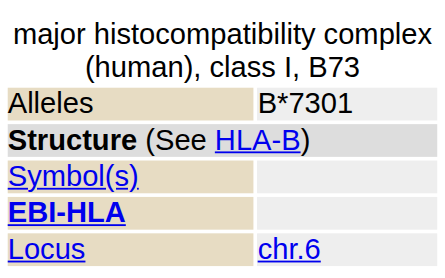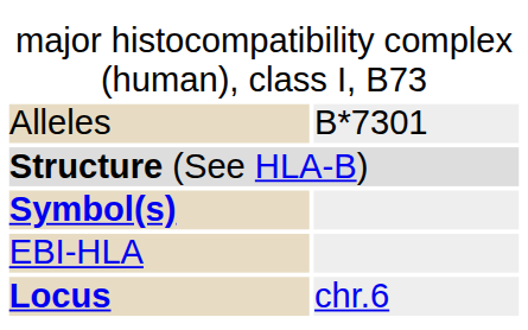 <table id="drugInfoBox" style="float: right; clear: right; margin: 0 0 0.5em 1em; background: #ffffff;" class="toccolours" border=0 cellpadding=0 align=right width="240px">
 <tr>
 <td align="center" colspan="3"></td>
 </tr>
 <tr style="text-align: center; line-height: 1.00;background:#eeeeee">
 <td colspan="3" color="white"></td>
 </tr>
 <tr>
 <td align="center" colspan="2"></td>
 </tr>
 <tr>
 <td align="center" colspan="2"><div>major histocompatibility complex (human), class I, B73</div></td>
 </tr>
 <tr>
 <td bgcolor="#e7dcc3">Alleles</td>
 <td bgcolor="#eeeeee">B*7301 <br></td>
 </tr>
 <tr>
 <td colspan="2" bgcolor="#dddddd"><strong>Structure</strong> (See <a href='#'>HLA-B</a>)</td>
 </tr>
 <tr>
-<td bgcolor="#e7dcc3"><a href='#'>Symbol(s)</a></td>
+<td bgcolor="#e7dcc3"><strong><a href='#'>Symbol(s)</a></strong></td>
 <td bgcolor="#eeeeee"></td>
 </tr>
 <tr>
-<td bgcolor="#e7dcc3"><strong><a href='#'>EBI-HLA</a></strong></td>
+<td bgcolor="#e7dcc3"><a href='#'>EBI-HLA</a></td>
 <td bgcolor="#eeeeee"></td>
 </tr>
 <tr>
-<td bgcolor="#e7dcc3"><a href='#'>Locus</a></td>
+<td bgcolor="#e7dcc3"><strong><a href='#'>Locus</a></strong></td>
 <td bgcolor="#eeeeee"><a href='#'>chr.6</a> <em></em></td>
 </tr>
 <tr>
 </tr>
 </table>
